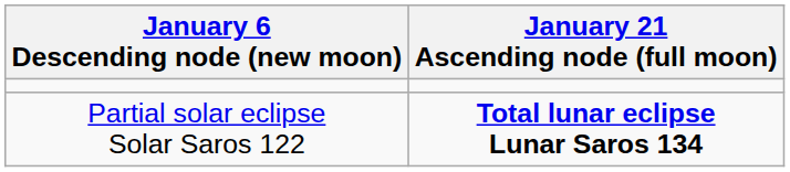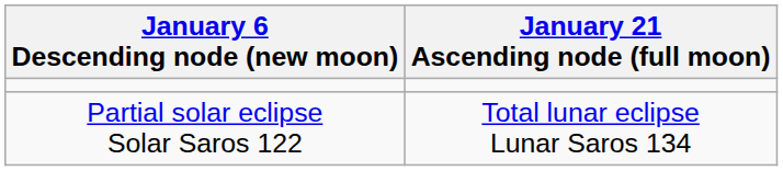 <table class="wikitable">
 <tr>
 <th><a href='#'>January 6</a><br>Descending node (new moon)<br></th>
 <th><a href='#'>January 21</a><br>Ascending node (full moon)<br></th>
 </tr>
 <tr>
 <td></td>
 <td></td>
 </tr>
 <tr align=center>
 <td><a href='#'>Partial solar eclipse</a><br>Solar Saros 122</td>
-<td><strong><a href='#'>Total lunar eclipse</a><br>Lunar Saros 134</strong></td>
+<td><a href='#'>Total lunar eclipse</a><br>Lunar Saros 134</td>
 </tr>
 </table>
